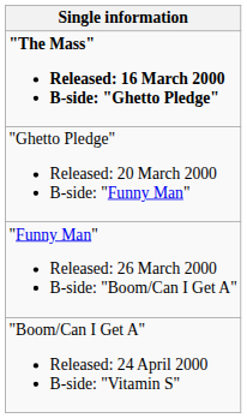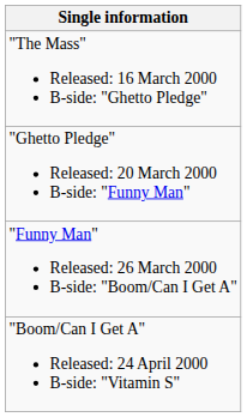 <table class="wikitable">
 <tr>
 <th>Single information</th>
 </tr>
 <tr>
-<td align="left"><strong>"The Mass"<br><ul><li>Released: 16 March 2000</li><li>B-side: "Ghetto Pledge"</li></ul></strong></td>
+<td align="left">"The Mass"<br><ul><li>Released: 16 March 2000</li><li>B-side: "Ghetto Pledge"</li></ul></td>
 </tr>
 <tr>
 <td align="left">"Ghetto Pledge"<br><ul><li>Released: 20 March 2000</li><li>B-side:   "<a href='#'>Funny Man</a>"</li></ul></td>
 </tr>
 <tr>
 <td align="left">"<a href='#'>Funny Man</a>"<br><ul><li>Released: 26 March 2000</li><li>B-side: "Boom/Can I Get A"</li></ul></td>
 </tr>
 <tr>
 <td align="left">"Boom/Can I Get A"<br><ul><li>Released: 24 April 2000</li><li>B-side: "Vitamin S"</li></ul></td>
 </tr>
 </table>
